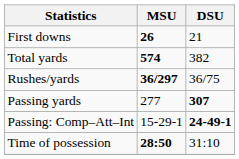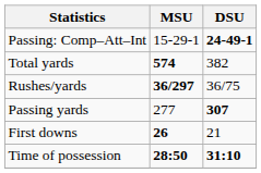 <table class="wikitable" style="float: left;">
 <tr>
 <th>Statistics</th>
 <th>MSU</th>
 <th>DSU</th>
 </tr>
 <tr>
-<td>First downs</td>
-<td><strong>26</strong></td>
-<td>21</td>
+<td>Passing: Comp–Att–Int</td>
+<td>15-29-1</td>
+<td><strong>24-49-1</strong></td>
 </tr>
 <tr>
 <td>Total yards</td>
 <td><strong>574</strong></td>
 <td>382</td>
 </tr>
 <tr>
 <td>Rushes/yards</td>
 <td><strong>36/297</strong></td>
 <td>36/75</td>
 </tr>
 <tr>
 <td>Passing yards</td>
 <td>277</td>
 <td><strong>307</strong></td>
 </tr>
 <tr>
-<td>Passing: Comp–Att–Int</td>
-<td>15-29-1</td>
-<td><strong>24-49-1</strong></td>
+<td>First downs</td>
+<td><strong>26</strong></td>
+<td>21</td>
 </tr>
 <tr>
 <td>Time of possession</td>
 <td><strong>28:50</strong></td>
-<td>31:10</td>
+<td><strong>31:10</strong></td>
 </tr>
 <tr>
 </tr>
 </table>
